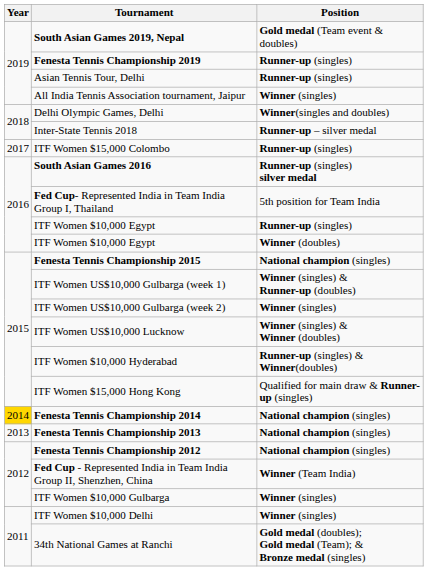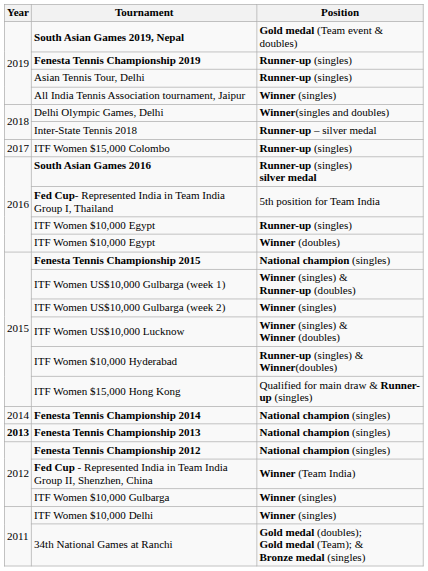 <table class="wikitable">
 <tr>
 <th>Year</th>
 <th>Tournament</th>
 <th>Position</th>
 </tr>
 <tr>
 <td rowspan="4">2019</td>
 <td><strong>South Asian Games 2019, Nepal</strong></td>
 <td><strong>Gold medal</strong> (Team event & doubles)</td>
 </tr>
 <tr>
 <td><strong>Fenesta Tennis Championship 2019</strong></td>
 <td><strong>Runner-up</strong>  (singles)</td>
 </tr>
 <tr>
 <td>Asian Tennis Tour, Delhi</td>
 <td><strong>Runner-up</strong>  (singles)</td>
 </tr>
 <tr>
 <td>All India Tennis Association tournament, Jaipur</td>
 <td><strong>Winner</strong> (singles)</td>
 </tr>
 <tr>
 <td rowspan="2">2018</td>
 <td>Delhi Olympic Games, Delhi</td>
 <td><strong>Winner</strong>(singles and doubles)</td>
 </tr>
 <tr>
 <td>Inter-State Tennis 2018</td>
 <td><strong>Runner-up</strong> – silver medal</td>
 </tr>
 <tr>
 <td>2017</td>
 <td>ITF Women $15,000 Colombo</td>
 <td><strong>Runner-up</strong> (singles)</td>
 </tr>
 <tr>
 <td rowspan="4">2016</td>
 <td><strong>South Asian Games 2016</strong><br><br></td>
 <td><strong>Runner-up</strong> (singles)<br><strong>silver medal</strong></td>
 </tr>
 <tr>
 <td><strong>Fed  Cup</strong>- Represented India in Team India Group I, Thailand</td>
 <td>5th position for Team India</td>
 </tr>
 <tr>
 <td>ITF Women $10,000 Egypt</td>
 <td><strong>Runner-up</strong> (singles)</td>
 </tr>
 <tr>
 <td>ITF Women $10,000 Egypt</td>
 <td><strong>Winner</strong> (doubles)</td>
 </tr>
 <tr>
 <td rowspan="6">2015</td>
 <td><strong>Fenesta Tennis Championship 2015</strong></td>
 <td><strong>National champion</strong> (singles)</td>
 </tr>
 <tr>
 <td>ITF Women US$10,000  Gulbarga (week 1)</td>
 <td><strong>Winner</strong> (singles)  &<br><strong>Runner-up</strong> (doubles)</td>
 </tr>
 <tr>
 <td>ITF Women US$10,000 Gulbarga (week 2)</td>
 <td><strong>Winner</strong> (singles)</td>
 </tr>
 <tr>
 <td>ITF Women US$10,000 Lucknow</td>
 <td><strong>Winner</strong> (singles) &<br><strong>Winner</strong> (doubles)</td>
 </tr>
 <tr>
 <td>ITF Women $10,000 Hyderabad</td>
 <td><strong>Runner-up</strong> (singles) & <strong>Winner</strong>(doubles)</td>
 </tr>
 <tr>
 <td>ITF  Women $15,000 Hong Kong</td>
 <td>Qualified for main draw & <strong>Runner-up</strong> (singles)</td>
 </tr>
 <tr>
-<td style="background: gold;">2014</td>
+<td>2014</td>
 <td><strong>Fenesta Tennis Championship 2014</strong></td>
 <td><strong>National champion</strong> (singles)</td>
 </tr>
 <tr>
-<td>2013</td>
+<td><strong>2013</strong></td>
 <td><strong>Fenesta Tennis Championship 2013</strong></td>
 <td><strong>National champion</strong> (singles)</td>
 </tr>
 <tr>
 <td rowspan="3">2012</td>
 <td><strong>Fenesta Tennis Championship 2012</strong></td>
 <td><strong>National champion</strong> (singles)</td>
 </tr>
 <tr>
 <td><strong>Fed Cup</strong> - Represented India  in Team India Group II, Shenzhen, China</td>
 <td><strong>Winner</strong> (Team India)</td>
 </tr>
 <tr>
 <td>ITF Women  $10,000 Gulbarga</td>
 <td><strong>Winner</strong> (singles)</td>
 </tr>
 <tr>
 <td rowspan="2">2011</td>
 <td>ITF Women  $10,000 Delhi</td>
 <td><strong>Winner</strong> (singles)</td>
 </tr>
 <tr>
 <td>34th National Games at Ranchi</td>
 <td><strong>Gold medal</strong> (doubles);<br><strong>Gold medal</strong> (Team); &<br><strong>Bronze medal</strong> (singles)</td>
 </tr>
 </table>
